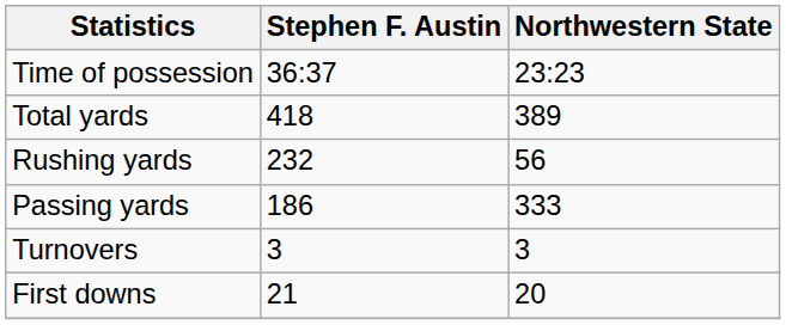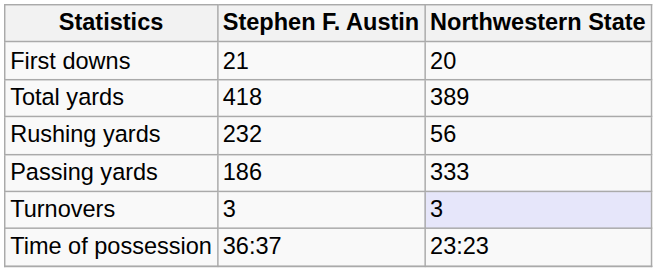 <table class="wikitable">
 <tr>
 <th>Statistics</th>
 <th>Stephen F. Austin</th>
 <th>Northwestern State</th>
 </tr>
 <tr>
-<td>Time of possession</td>
-<td>36:37</td>
-<td>23:23</td>
+<td>First downs</td>
+<td>21</td>
+<td>20</td>
 </tr>
 <tr>
 <td>Total yards</td>
 <td>418</td>
 <td>389</td>
 </tr>
 <tr>
 <td>Rushing yards</td>
 <td>232</td>
 <td>56</td>
 </tr>
 <tr>
 <td>Passing yards</td>
 <td>186</td>
 <td>333</td>
 </tr>
 <tr>
 <td>Turnovers</td>
 <td>3</td>
-<td>3</td>
+<td style="background: lavender;">3</td>
 </tr>
 <tr>
-<td>First downs</td>
-<td>21</td>
-<td>20</td>
+<td>Time of possession</td>
+<td>36:37</td>
+<td>23:23</td>
 </tr>
 <tr>
 </tr>
 </table>
